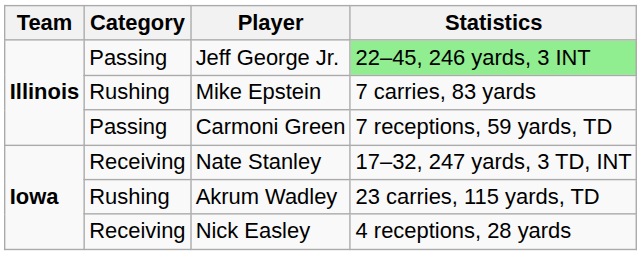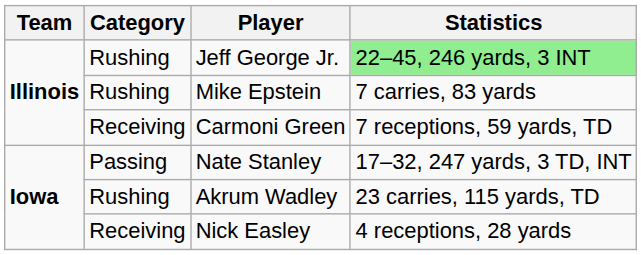 <table class="wikitable" style="float: left;">
 <tr>
 <th>Team</th>
 <th>Category</th>
 <th>Player</th>
 <th>Statistics</th>
 </tr>
 <tr>
 <td rowspan=3><strong>Illinois</strong></td>
-<td>Passing</td>
+<td>Rushing</td>
 <td>Jeff George Jr.</td>
 <td style="background: lightgreen;">22–45, 246 yards, 3 INT</td>
 </tr>
 <tr>
 <td>Rushing</td>
 <td>Mike Epstein</td>
 <td>7 carries, 83 yards</td>
 </tr>
 <tr>
-<td>Passing</td>
+<td>Receiving</td>
 <td>Carmoni Green</td>
 <td>7 receptions, 59 yards, TD</td>
 </tr>
 <tr>
 <td rowspan=3><strong>Iowa</strong></td>
-<td>Receiving</td>
+<td>Passing</td>
 <td>Nate Stanley</td>
 <td>17–32, 247 yards, 3 TD, INT</td>
 </tr>
 <tr>
 <td>Rushing</td>
 <td>Akrum Wadley</td>
 <td>23 carries, 115 yards, TD</td>
 </tr>
 <tr>
 <td>Receiving</td>
 <td>Nick Easley</td>
 <td>4 receptions, 28 yards</td>
 </tr>
 </table>
